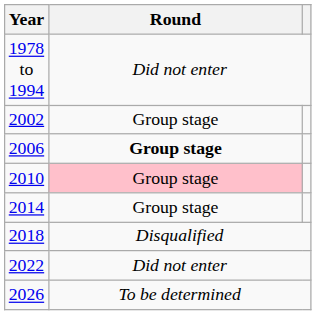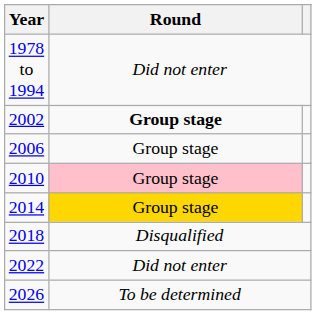 <table class="wikitable" style="text-align: center; font-size:90%">
 <tr>
 <th>Year</th>
 <th style="width:200px">Round</th>
 <th></th>
 </tr>
 <tr>
 <td><a href='#'>1978</a><br>to<br><a href='#'>1994</a></td>
 <td colspan="2"><em>Did not enter</em></td>
 </tr>
 <tr>
 <td><a href='#'>2002</a></td>
-<td>Group stage</td>
+<td><strong>Group stage</strong></td>
 <td></td>
 </tr>
 <tr>
 <td><a href='#'>2006</a></td>
-<td><strong>Group stage</strong></td>
+<td>Group stage</td>
 <td></td>
 </tr>
 <tr>
 <td><a href='#'>2010</a></td>
 <td style="background: pink;">Group stage</td>
 <td></td>
 </tr>
 <tr>
 <td><a href='#'>2014</a></td>
-<td>Group stage</td>
+<td style="background: gold;">Group stage</td>
 <td></td>
 </tr>
 <tr>
 <td><a href='#'>2018</a></td>
 <td colspan="2"><em>Disqualified</em></td>
 </tr>
 <tr>
 <td><a href='#'>2022</a></td>
 <td colspan="2"><em>Did not enter</em></td>
 </tr>
 <tr>
 <td><a href='#'>2026</a></td>
 <td colspan="2"><em>To be determined</em></td>
 </tr>
 </table>
